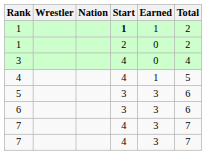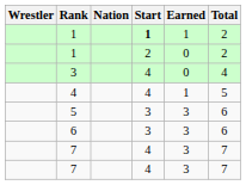 <table class="wikitable sortable" style="text-align:center;">
 <tr>
+<th>Wrestler</th>
 <th>Rank</th>
-<th>Wrestler</th>
 <th>Nation</th>
 <th>Start</th>
 <th>Earned</th>
 <th>Total</th>
 </tr>
 <tr style="background:#cfc;">
+<td align=left></td>
 <td>1</td>
-<td align=left></td>
 <td align=left></td>
 <td><strong>1</strong></td>
 <td>1</td>
 <td>2</td>
 </tr>
 <tr style="background:#cfc;">
+<td align=left></td>
 <td>1</td>
-<td align=left></td>
 <td align=left></td>
 <td>2</td>
 <td>0</td>
 <td>2</td>
 </tr>
 <tr style="background:#cfc;">
+<td align=left></td>
 <td>3</td>
-<td align=left></td>
 <td align=left></td>
 <td>4</td>
 <td>0</td>
 <td>4</td>
 </tr>
 <tr>
+<td align=left></td>
 <td>4</td>
-<td align=left></td>
 <td align=left></td>
 <td>4</td>
 <td>1</td>
 <td>5</td>
 </tr>
 <tr>
+<td align=left></td>
 <td>5</td>
-<td align=left></td>
 <td align=left></td>
 <td>3</td>
 <td>3</td>
 <td>6</td>
 </tr>
 <tr>
+<td align=left></td>
 <td>6</td>
-<td align=left></td>
 <td align=left></td>
 <td>3</td>
 <td>3</td>
 <td>6</td>
 </tr>
 <tr>
+<td align=left></td>
 <td>7</td>
-<td align=left></td>
 <td align=left></td>
 <td>4</td>
 <td>3</td>
 <td>7</td>
 </tr>
 <tr>
+<td align=left></td>
 <td>7</td>
-<td align=left></td>
 <td align=left></td>
 <td>4</td>
 <td>3</td>
 <td>7</td>
 </tr>
 </table>
